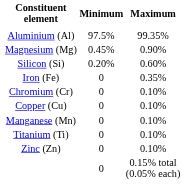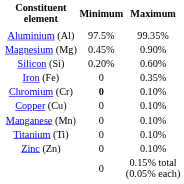 <table style="text-align:center;">
 <tr>
 <td><strong>Constituent<br>element</strong></td>
 <td><strong>Minimum</strong><br></td>
 <td><strong>Maximum</strong><br></td>
 </tr>
 <tr>
 <td colspan=3></td>
 </tr>
 <tr>
 <td><a href='#'>Aluminium</a> (Al)</td>
 <td>97.5%</td>
 <td>99.35%</td>
 </tr>
 <tr>
 <td><a href='#'>Magnesium</a> (Mg)</td>
 <td>0.45%</td>
 <td>0.90%</td>
 </tr>
 <tr>
 <td><a href='#'>Silicon</a> (Si)</td>
 <td>0.20%</td>
 <td>0.60%</td>
 </tr>
 <tr>
 <td><a href='#'>Iron</a> (Fe)</td>
 <td>0</td>
 <td>0.35%</td>
 </tr>
 <tr>
 <td><a href='#'>Chromium</a> (Cr)</td>
-<td>0</td>
+<td><strong>0</strong></td>
 <td>0.10%</td>
 </tr>
 <tr>
 <td><a href='#'>Copper</a> (Cu)</td>
 <td>0</td>
 <td>0.10%</td>
 </tr>
 <tr>
 <td><a href='#'>Manganese</a> (Mn)</td>
 <td>0</td>
 <td>0.10%</td>
 </tr>
 <tr>
 <td><a href='#'>Titanium</a> (Ti)</td>
 <td>0</td>
 <td>0.10%</td>
 </tr>
 <tr>
 <td><a href='#'>Zinc</a> (Zn)</td>
 <td>0</td>
 <td>0.10%</td>
 </tr>
 <tr>
 <td></td>
 <td>0</td>
 <td>0.15% total<br>(0.05% each)</td>
 </tr>
 </table>
